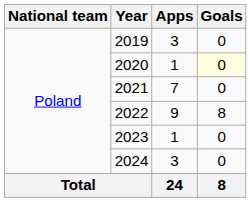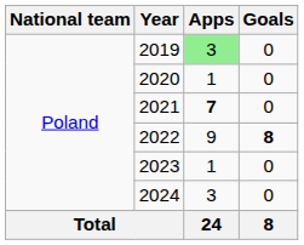 <table class="wikitable" style="text-align:center">
 <tr>
 <th>National team</th>
 <th>Year</th>
 <th>Apps</th>
 <th>Goals</th>
 </tr>
 <tr>
 <td rowspan="6"><a href='#'>Poland</a></td>
 <td>2019</td>
-<td>3</td>
+<td style="background: lightgreen;">3</td>
 <td>0</td>
 </tr>
 <tr>
 <td>2020</td>
 <td>1</td>
-<td style="background: lightyellow;">0</td>
+<td>0</td>
 </tr>
 <tr>
 <td>2021</td>
-<td>7</td>
+<td><strong>7</strong></td>
 <td>0</td>
 </tr>
 <tr>
 <td>2022</td>
 <td>9</td>
-<td>8</td>
+<td><strong>8</strong></td>
 </tr>
 <tr>
 <td>2023</td>
 <td>1</td>
 <td>0</td>
 </tr>
 <tr>
 <td>2024</td>
 <td>3</td>
 <td>0</td>
 </tr>
 <tr>
 <th colspan="2">Total</th>
 <th>24</th>
 <th>8</th>
 </tr>
 </table>
